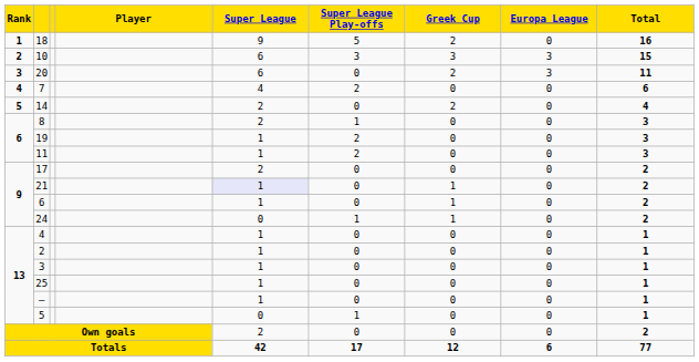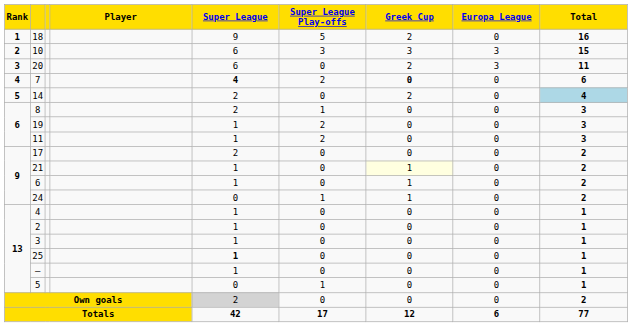 <table class="wikitable sortable" style="text-align: center">
 <tr>
 <th style="background:#FFDE00">Rank</th>
 <th style="background:#FFDE00"></th>
 <th style="background:#FFDE00"></th>
 <th width=200 style="background:#FFDE00">Player</th>
 <th width=120 style="background:#FFDE00"><a href='#'>Super League</a></th>
 <th width=120 style="background:#FFDE00"><a href='#'>Super League Play-offs</a></th>
 <th width=120 style="background:#FFDE00"><a href='#'>Greek Cup</a></th>
 <th width=120 style="background:#FFDE00"><a href='#'>Europa League</a></th>
 <th width=120 style="background:#FFDE00">Total</th>
 </tr>
 <tr>
 <td><strong>1</strong></td>
 <td>18</td>
 <td></td>
 <td align=left></td>
 <td>9</td>
 <td>5</td>
 <td>2</td>
 <td>0</td>
 <td><strong>16</strong></td>
 </tr>
 <tr>
 <td><strong>2</strong></td>
 <td>10</td>
 <td></td>
 <td align=left></td>
 <td>6</td>
 <td>3</td>
 <td>3</td>
 <td>3</td>
 <td><strong>15</strong></td>
 </tr>
 <tr>
 <td><strong>3</strong></td>
 <td>20</td>
 <td></td>
 <td align=left></td>
 <td>6</td>
 <td>0</td>
 <td>2</td>
 <td>3</td>
 <td><strong>11</strong></td>
 </tr>
 <tr>
 <td><strong>4</strong></td>
 <td>7</td>
 <td></td>
 <td align=left></td>
-<td>4</td>
+<td><strong>4</strong></td>
 <td>2</td>
-<td>0</td>
+<td><strong>0</strong></td>
 <td>0</td>
 <td><strong>6</strong></td>
 </tr>
 <tr>
 <td><strong>5</strong></td>
 <td>14</td>
 <td></td>
 <td align=left></td>
 <td>2</td>
 <td>0</td>
 <td>2</td>
 <td>0</td>
-<td><strong>4</strong></td>
+<td style="background: lightblue;"><strong>4</strong></td>
 </tr>
 <tr>
 <td rowspan=3><strong>6</strong></td>
 <td>8</td>
 <td></td>
 <td align=left></td>
 <td>2</td>
 <td>1</td>
 <td>0</td>
 <td>0</td>
 <td><strong>3</strong></td>
 </tr>
 <tr>
 <td>19</td>
 <td></td>
 <td align=left></td>
 <td>1</td>
 <td>2</td>
 <td>0</td>
 <td>0</td>
 <td><strong>3</strong></td>
 </tr>
 <tr>
 <td>11</td>
 <td></td>
 <td align=left></td>
 <td>1</td>
 <td>2</td>
 <td>0</td>
 <td>0</td>
 <td><strong>3</strong></td>
 </tr>
 <tr>
 <td rowspan=4><strong>9</strong></td>
 <td>17</td>
 <td></td>
 <td align=left></td>
 <td>2</td>
 <td>0</td>
 <td>0</td>
 <td>0</td>
 <td><strong>2</strong></td>
 </tr>
 <tr>
 <td>21</td>
 <td></td>
 <td align=left></td>
-<td style="background: lavender;">1</td>
+<td>1</td>
 <td>0</td>
-<td>1</td>
+<td style="background: lightyellow;">1</td>
 <td>0</td>
 <td><strong>2</strong></td>
 </tr>
 <tr>
 <td>6</td>
 <td></td>
 <td align=left></td>
 <td>1</td>
 <td>0</td>
 <td>1</td>
 <td>0</td>
 <td><strong>2</strong></td>
 </tr>
 <tr>
 <td>24</td>
 <td></td>
 <td align=left></td>
 <td>0</td>
 <td>1</td>
 <td>1</td>
 <td>0</td>
 <td><strong>2</strong></td>
 </tr>
 <tr>
 <td rowspan=6><strong>13</strong></td>
 <td>4</td>
 <td></td>
 <td align=left></td>
 <td>1</td>
 <td>0</td>
 <td>0</td>
 <td>0</td>
 <td><strong>1</strong></td>
 </tr>
 <tr>
 <td>2</td>
 <td></td>
 <td align=left></td>
 <td>1</td>
 <td>0</td>
 <td>0</td>
 <td>0</td>
 <td><strong>1</strong></td>
 </tr>
 <tr>
 <td>3</td>
 <td></td>
 <td align=left></td>
 <td>1</td>
 <td>0</td>
 <td>0</td>
 <td>0</td>
 <td><strong>1</strong></td>
 </tr>
 <tr>
 <td>25</td>
 <td></td>
 <td align=left></td>
-<td>1</td>
+<td><strong>1</strong></td>
 <td>0</td>
 <td>0</td>
 <td>0</td>
 <td><strong>1</strong></td>
 </tr>
 <tr>
 <td>—</td>
 <td></td>
 <td align=left></td>
 <td>1</td>
 <td>0</td>
 <td>0</td>
 <td>0</td>
 <td><strong>1</strong></td>
 </tr>
 <tr>
 <td>5</td>
 <td></td>
 <td align=left></td>
 <td>0</td>
 <td>1</td>
 <td>0</td>
 <td>0</td>
 <td><strong>1</strong></td>
 </tr>
 <tr class="sortbottom">
 <td colspan=4 style="background:#FFDE00"><strong>Own goals</strong></td>
-<td>2</td>
+<td style="background: lightgrey;">2</td>
 <td>0</td>
 <td>0</td>
 <td>0</td>
 <td><strong>2</strong></td>
 </tr>
 <tr class="sortbottom">
 <th colspan=4 style="background:#FFDE00"><strong>Totals</strong></th>
 <td><strong>42</strong></td>
 <td><strong>17</strong></td>
 <td><strong>12</strong></td>
 <td><strong> 6</strong></td>
 <td><strong>77</strong></td>
 </tr>
 </table>
